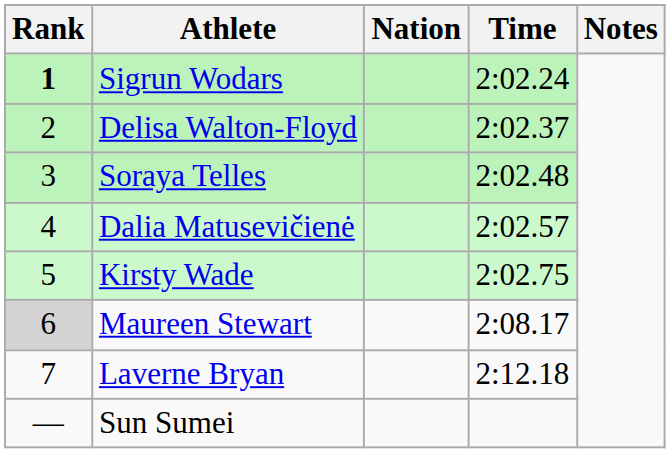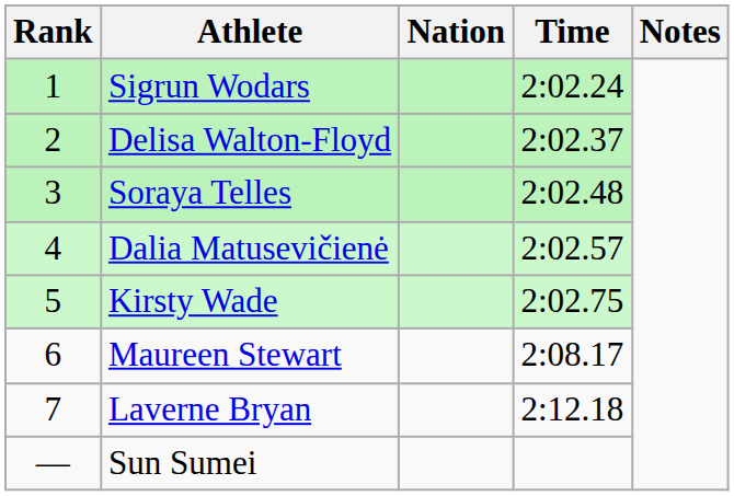 <table class="wikitable sortable" style="text-align:center">
 <tr>
 <th>Rank</th>
 <th>Athlete</th>
 <th>Nation</th>
 <th>Time</th>
 <th>Notes</th>
 </tr>
 <tr style="background:#bbf3bb;">
-<td><strong>1</strong></td>
+<td>1</td>
 <td align=left><a href='#'>Sigrun Wodars</a></td>
 <td align=left></td>
 <td>2:02.24</td>
 </tr>
 <tr style="background:#bbf3bb;">
 <td>2</td>
 <td align=left><a href='#'>Delisa Walton-Floyd</a></td>
 <td align=left></td>
 <td>2:02.37</td>
 </tr>
 <tr style="background:#bbf3bb;">
 <td>3</td>
 <td align=left><a href='#'>Soraya Telles</a></td>
 <td align=left></td>
 <td>2:02.48</td>
 </tr>
 <tr style="background:#ccf9cc;">
 <td>4</td>
 <td align=left><a href='#'>Dalia Matusevičienė</a></td>
 <td align=left></td>
 <td>2:02.57</td>
 </tr>
 <tr style="background:#ccf9cc;">
 <td>5</td>
 <td align=left><a href='#'>Kirsty Wade</a></td>
 <td align=left></td>
 <td>2:02.75</td>
 </tr>
 <tr>
-<td style="background: lightgrey;">6</td>
+<td>6</td>
 <td align=left><a href='#'>Maureen Stewart</a></td>
 <td align=left></td>
 <td>2:08.17</td>
 </tr>
 <tr>
 <td>7</td>
 <td align=left><a href='#'>Laverne Bryan</a></td>
 <td align=left></td>
 <td>2:12.18</td>
 </tr>
 <tr>
 <td align="center">—</td>
 <td align=left>Sun Sumei</td>
 <td align=left></td>
 <td></td>
 </tr>
 </table>
